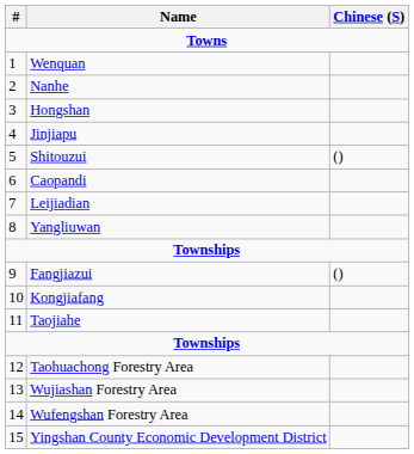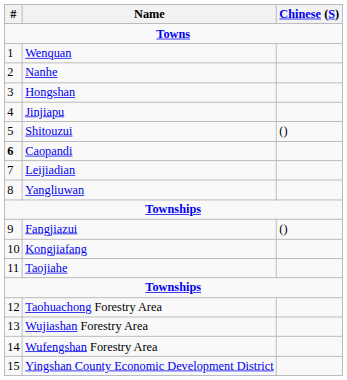 <table class="wikitable sortable">
 <tr>
 <th>#</th>
 <th>Name</th>
 <th><a href='#'>Chinese</a> (<a href='#'>S</a>)</th>
 </tr>
 <tr>
 <td style="text-align:center;" colspan="7"><strong><a href='#'>Towns</a></strong></td>
 </tr>
 <tr>
 <td>1</td>
 <td><a href='#'>Wenquan</a></td>
 <td></td>
 </tr>
 <tr>
 <td>2</td>
 <td><a href='#'>Nanhe</a></td>
 <td></td>
 </tr>
 <tr>
 <td>3</td>
 <td><a href='#'>Hongshan</a></td>
 <td></td>
 </tr>
 <tr>
 <td>4</td>
 <td><a href='#'>Jinjiapu</a></td>
 <td></td>
 </tr>
 <tr>
 <td>5</td>
 <td><a href='#'>Shitouzui</a></td>
 <td> ()</td>
 </tr>
 <tr>
-<td>6</td>
+<td><strong>6</strong></td>
 <td><a href='#'>Caopandi</a></td>
 <td></td>
 </tr>
 <tr>
 <td>7</td>
 <td><a href='#'>Leijiadian</a></td>
 <td></td>
 </tr>
 <tr>
 <td>8</td>
 <td><a href='#'>Yangliuwan</a></td>
 <td></td>
 </tr>
 <tr>
 <td style="text-align:center;" colspan="7"><strong><a href='#'>Townships</a></strong></td>
 </tr>
 <tr>
 <td>9</td>
 <td><a href='#'>Fangjiazui</a></td>
 <td> ()</td>
 </tr>
 <tr>
 <td>10</td>
 <td><a href='#'>Kongjiafang</a></td>
 <td></td>
 </tr>
 <tr>
 <td>11</td>
 <td><a href='#'>Taojiahe</a></td>
 <td></td>
 </tr>
 <tr>
 <td style="text-align:center;" colspan="7"><strong><a href='#'>Townships</a></strong></td>
 </tr>
 <tr>
 <td>12</td>
 <td><a href='#'>Taohuachong</a> Forestry Area</td>
 <td></td>
 </tr>
 <tr>
 <td>13</td>
 <td><a href='#'>Wujiashan</a> Forestry Area</td>
 <td></td>
 </tr>
 <tr>
 <td>14</td>
 <td><a href='#'>Wufengshan</a> Forestry Area</td>
 <td></td>
 </tr>
 <tr>
 <td>15</td>
 <td><a href='#'>Yingshan County Economic Development District</a></td>
 <td></td>
 </tr>
 </table>
